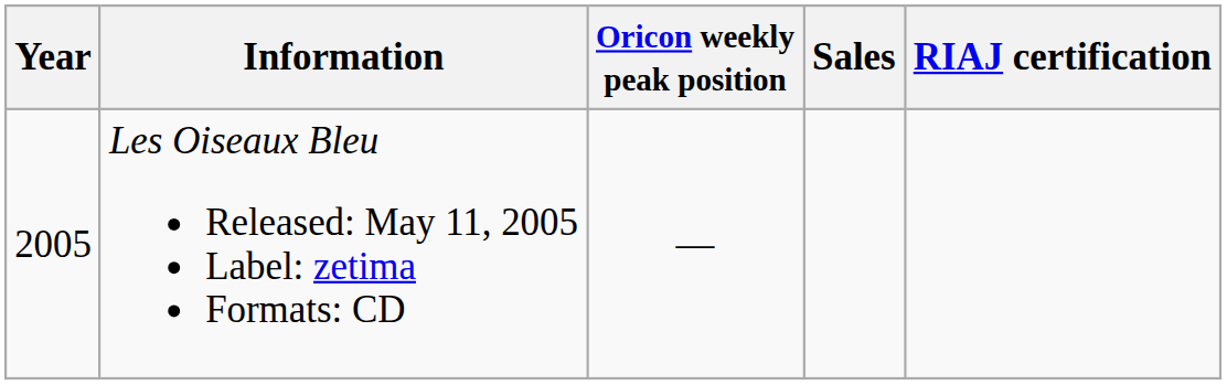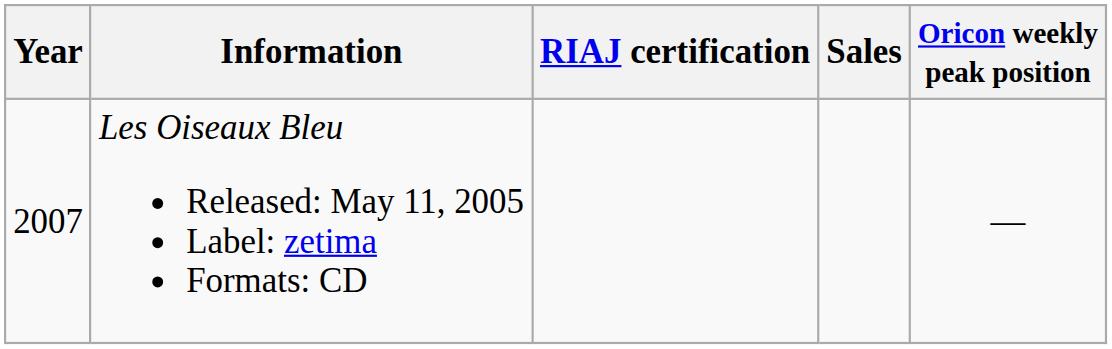 <table class="wikitable">
 <tr>
 <th>Year</th>
 <th>Information</th>
+<th><a href='#'>RIAJ</a> certification</th>
+<th>Sales<br></th>
 <th><small><a href='#'>Oricon</a> weekly<br>peak position</small></th>
-<th>Sales<br></th>
-<th><a href='#'>RIAJ</a> certification</th>
 </tr>
 <tr>
-<td>2005</td>
+<td>2007</td>
 <td><em>Les Oiseaux Bleu</em><br><ul><li>Released: May 11, 2005</li><li>Label: <a href='#'>zetima</a></li><li>Formats: CD</li></ul></td>
-<td style="text-align:center;">—</td>
 <td align="left"></td>
 <td align="left"></td>
+<td style="text-align:center;">—</td>
 </tr>
 </table>
